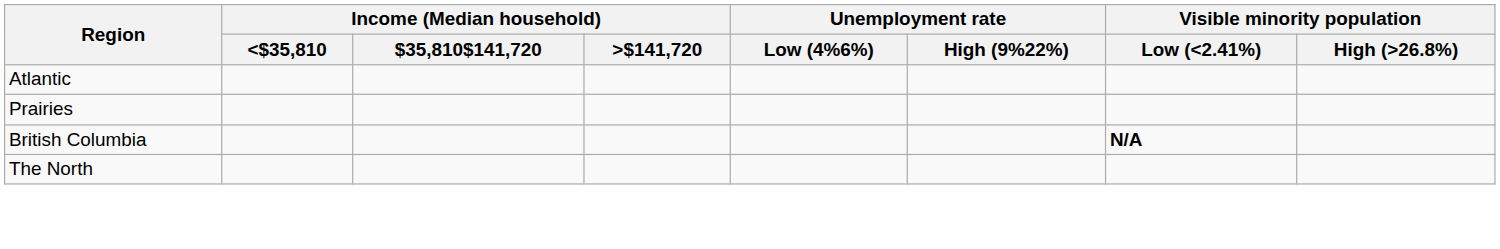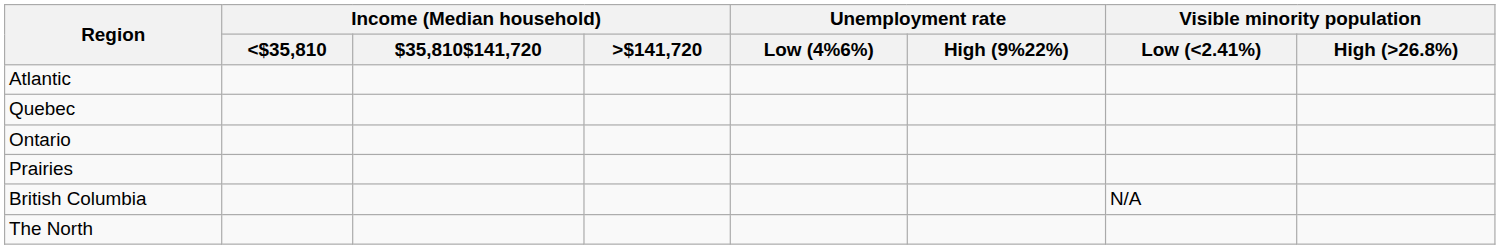 <table class="wikitable" style="width:100%;">
 <tr>
 <th rowspan="2">Region</th>
 <th colspan="3">Income (Median household)</th>
 <th colspan="2">Unemployment rate</th>
 <th colspan="2">Visible minority population</th>
 </tr>
 <tr>
 <th><$35,810</th>
 <th>$35,810$141,720</th>
 <th>>$141,720</th>
 <th>Low (4%6%)</th>
 <th>High (9%22%)</th>
 <th>Low (<2.41%)</th>
 <th>High (>26.8%)</th>
 </tr>
 <tr valign="top">
 <td style="vertical-align: middle;">Atlantic</td>
 <td></td>
 <td></td>
 <td></td>
 <td></td>
 <td></td>
 <td></td>
 <td></td>
 </tr>
 <tr valign="top">
+<td style="vertical-align: middle;">Quebec</td>
+<td><br>  </td>
+<td><br>  </td>
+<td><br></td>
+<td><br>  </td>
+<td><br>  </td>
+<td><br>  </td>
+<td><br></td>
+</tr>
+<tr valign="top">
+<td style="vertical-align: middle;">Ontario</td>
+<td><br></td>
+<td><br> </td>
+<td><br> </td>
+<td><br> </td>
+<td><br> </td>
+<td><br> </td>
+<td><br> </td>
+</tr>
+<tr valign="top">
 <td style="vertical-align: middle;">Prairies</td>
 <td><br> </td>
 <td><br> </td>
 <td><br> </td>
 <td><br> </td>
 <td><br></td>
 <td><br></td>
 <td><br></td>
 </tr>
 <tr valign="top">
 <td style="vertical-align: middle;">British Columbia</td>
 <td><br> </td>
 <td><br>  </td>
 <td><br> </td>
 <td><br>  </td>
 <td><br> </td>
-<td style="vertical-align: middle;"><strong>N/A</strong></td>
+<td style="vertical-align: middle;">N/A</td>
 <td><br> </td>
 </tr>
 <tr valign="top">
 <td style="vertical-align: middle;">The North</td>
 <td></td>
 <td></td>
 <td></td>
 <td></td>
 <td></td>
 <td></td>
 <td></td>
 </tr>
 </table>
